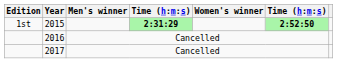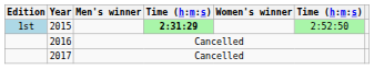 <table class="wikitable sortable" style="text-align:center">
 <tr>
 <th class=unsortable>Edition</th>
 <th>Year</th>
 <th class=unsortable>Men's winner</th>
 <th>Time (<a href='#'>h</a>:<a href='#'>m</a>:<a href='#'>s</a>)</th>
 <th class=unsortable>Women's winner</th>
 <th>Time (<a href='#'>h</a>:<a href='#'>m</a>:<a href='#'>s</a>)</th>
 <th class=unsortable></th>
 </tr>
 <tr>
-<td>1st</td>
+<td style="background: lightblue;">1st</td>
 <td>2015</td>
 <td align=left></td>
 <td bgcolor=#A9F5A9><strong>2:31:29</strong></td>
 <td align=left></td>
-<td bgcolor=#A9F5A9><strong>2:52:50</strong></td>
+<td bgcolor=#A9F5A9>2:52:50</td>
 <td></td>
 </tr>
 <tr>
 <td></td>
 <td>2016</td>
 <td colspan="4">Cancelled</td>
 <td></td>
 </tr>
 <tr>
 <td></td>
 <td>2017</td>
 <td colspan="4">Cancelled</td>
 <td></td>
 </tr>
 </table>
